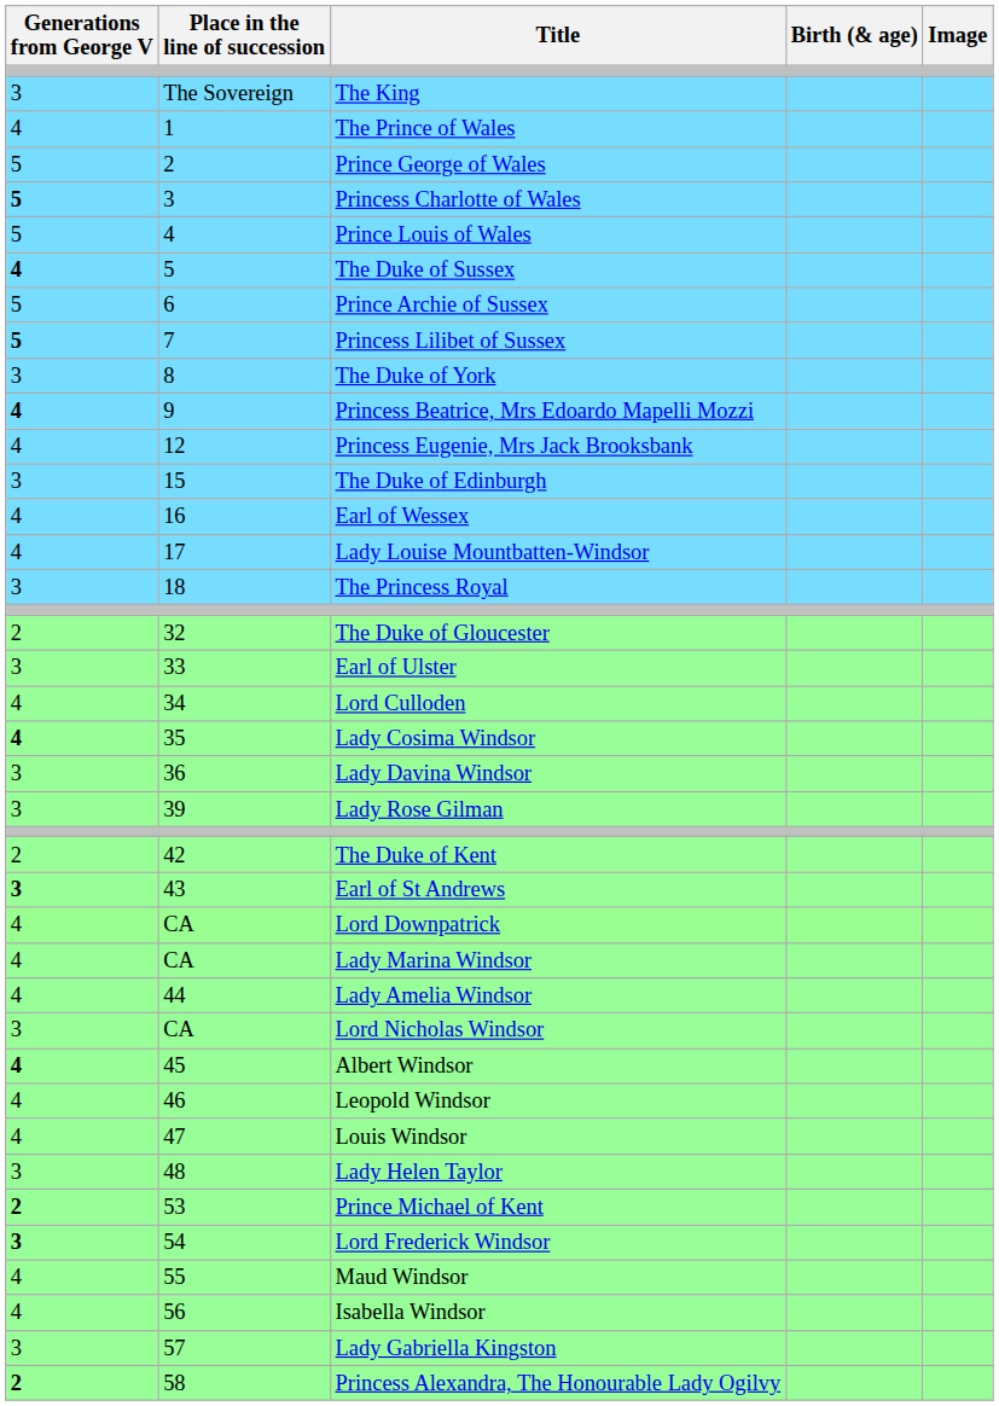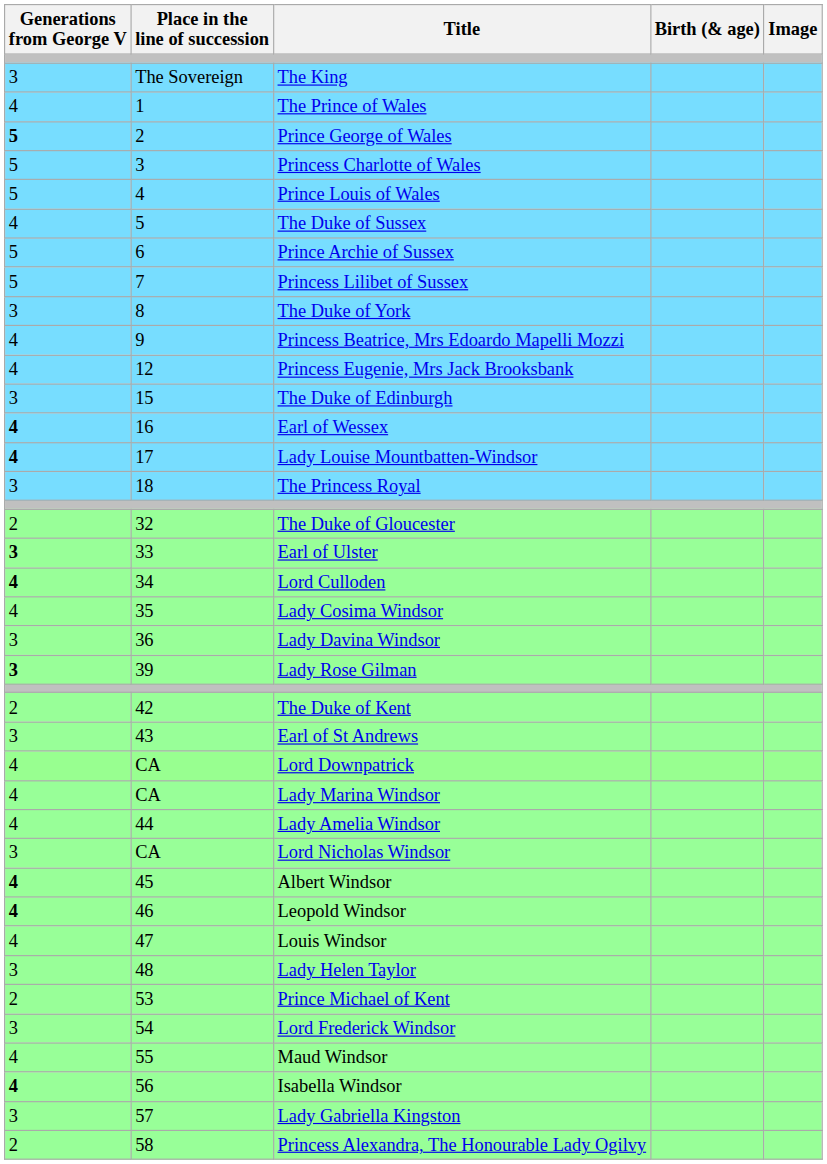 <table class="wikitable sortable">
 <tr>
 <th>Generations<br>from George V</th>
 <th>Place in the<br>line of succession</th>
 <th>Title</th>
 <th>Birth (& age)</th>
 <th class="unsortable">Image</th>
 </tr>
 <tr>
 <td colspan=5 style="background:silver"></td>
 </tr>
 <tr bgcolor="#77DDFF">
 <td>3</td>
 <td>The Sovereign</td>
 <td><a href='#'>The King</a></td>
 <td></td>
 <td></td>
 </tr>
 <tr bgcolor=#77DDFF>
 <td>4</td>
 <td>1</td>
 <td><a href='#'>The Prince of Wales</a></td>
 <td></td>
 <td></td>
 </tr>
 <tr bgcolor=#77DDFF>
-<td>5</td>
+<td><strong>5</strong></td>
 <td>2</td>
 <td><a href='#'>Prince George of Wales</a></td>
 <td></td>
 <td></td>
 </tr>
 <tr bgcolor=#77DDFF>
-<td><strong>5</strong></td>
+<td>5</td>
 <td>3</td>
 <td><a href='#'>Princess Charlotte of Wales</a></td>
 <td></td>
 <td></td>
 </tr>
 <tr bgcolor=#77DDFF>
 <td>5</td>
 <td>4</td>
 <td><a href='#'>Prince Louis of Wales</a></td>
 <td></td>
 <td></td>
 </tr>
 <tr bgcolor=#77DDFF>
-<td><strong>4</strong></td>
+<td>4</td>
 <td>5</td>
 <td><a href='#'>The Duke of Sussex</a></td>
 <td></td>
 <td></td>
 </tr>
 <tr bgcolor=#77DDFF>
 <td>5</td>
 <td>6</td>
 <td><a href='#'>Prince Archie of Sussex</a></td>
 <td></td>
 <td></td>
 </tr>
 <tr bgcolor=#77DDFF>
-<td><strong>5</strong></td>
+<td>5</td>
 <td>7</td>
 <td><a href='#'>Princess Lilibet of Sussex</a></td>
 <td></td>
 <td></td>
 </tr>
 <tr bgcolor=#77DDFF>
 <td>3</td>
 <td>8</td>
 <td><a href='#'>The Duke of York</a></td>
 <td></td>
 <td></td>
 </tr>
 <tr bgcolor=#77DDFF>
-<td><strong>4</strong></td>
+<td>4</td>
 <td>9</td>
 <td><a href='#'>Princess Beatrice, Mrs Edoardo Mapelli Mozzi</a></td>
 <td></td>
 <td></td>
 </tr>
 <tr bgcolor=#77DDFF>
 <td>4</td>
 <td>12</td>
 <td><a href='#'>Princess Eugenie, Mrs Jack Brooksbank</a></td>
 <td></td>
 <td></td>
 </tr>
 <tr bgcolor=#77DDFF>
 <td>3</td>
 <td>15</td>
 <td><a href='#'>The Duke of Edinburgh</a></td>
 <td></td>
 <td></td>
 </tr>
 <tr bgcolor=#77DDFF>
-<td>4</td>
+<td><strong>4</strong></td>
 <td>16</td>
 <td><a href='#'>Earl of Wessex</a></td>
 <td></td>
 <td></td>
 </tr>
 <tr bgcolor=#77DDFF>
-<td>4</td>
+<td><strong>4</strong></td>
 <td>17</td>
 <td><a href='#'>Lady Louise Mountbatten-Windsor</a></td>
 <td></td>
 <td></td>
 </tr>
 <tr bgcolor=#77DDFF>
 <td>3</td>
 <td>18</td>
 <td><a href='#'>The Princess Royal</a></td>
 <td></td>
 <td></td>
 </tr>
 <tr>
 <td colspan=5 style="background:silver"></td>
 </tr>
 <tr bgcolor=#98FF98>
 <td>2</td>
 <td>32</td>
 <td><a href='#'>The Duke of Gloucester</a></td>
 <td></td>
 <td></td>
 </tr>
 <tr bgcolor=#98FF98>
-<td>3</td>
+<td><strong>3</strong></td>
 <td>33</td>
 <td><a href='#'>Earl of Ulster</a></td>
 <td></td>
 <td></td>
 </tr>
 <tr bgcolor=#98FF98>
-<td>4</td>
+<td><strong>4</strong></td>
 <td>34</td>
 <td><a href='#'>Lord Culloden</a></td>
 <td></td>
 <td></td>
 </tr>
 <tr bgcolor=#98FF98>
-<td><strong>4</strong></td>
+<td>4</td>
 <td>35</td>
 <td><a href='#'>Lady Cosima Windsor</a></td>
 <td></td>
 <td></td>
 </tr>
 <tr bgcolor=#98FF98>
 <td>3</td>
 <td>36</td>
 <td><a href='#'>Lady Davina Windsor</a></td>
 <td></td>
 <td></td>
 </tr>
 <tr bgcolor=#98FF98>
-<td>3</td>
+<td><strong>3</strong></td>
 <td>39</td>
 <td><a href='#'>Lady Rose Gilman</a></td>
 <td></td>
 <td></td>
 </tr>
 <tr>
 <td colspan=5 style="background:silver"></td>
 </tr>
 <tr bgcolor=#98FF98>
 <td>2</td>
 <td>42</td>
 <td><a href='#'>The Duke of Kent</a></td>
 <td></td>
 <td></td>
 </tr>
 <tr bgcolor=#98FF98>
-<td><strong>3</strong></td>
+<td>3</td>
 <td>43</td>
 <td><a href='#'>Earl of St Andrews</a></td>
 <td></td>
 <td></td>
 </tr>
 <tr bgcolor=#98FF9>
 <td>4</td>
 <td>CA</td>
 <td><a href='#'>Lord Downpatrick</a></td>
 <td></td>
 <td></td>
 </tr>
 <tr bgcolor=#98FF98>
 <td>4</td>
 <td>CA</td>
 <td><a href='#'>Lady Marina Windsor</a></td>
 <td></td>
 <td></td>
 </tr>
 <tr bgcolor=#98FF98>
 <td>4</td>
 <td>44</td>
 <td><a href='#'>Lady Amelia Windsor</a></td>
 <td></td>
 <td></td>
 </tr>
 <tr bgcolor=#98FF98>
 <td>3</td>
 <td>CA</td>
 <td><a href='#'>Lord Nicholas Windsor</a></td>
 <td></td>
 <td></td>
 </tr>
 <tr bgcolor=#98FF98>
 <td><strong>4</strong></td>
 <td>45</td>
 <td>Albert Windsor</td>
 <td></td>
 <td></td>
 </tr>
 <tr bgcolor=#98FF98>
-<td>4</td>
+<td><strong>4</strong></td>
 <td>46</td>
 <td>Leopold Windsor</td>
 <td></td>
 <td></td>
 </tr>
 <tr bgcolor=#98FF98>
 <td>4</td>
 <td>47</td>
 <td>Louis Windsor</td>
 <td></td>
 <td></td>
 </tr>
 <tr bgcolor=#98FF98>
 <td>3</td>
 <td>48</td>
 <td><a href='#'>Lady Helen Taylor</a></td>
 <td></td>
 <td></td>
 </tr>
 <tr bgcolor=#98FF98>
-<td><strong>2</strong></td>
+<td>2</td>
 <td>53</td>
 <td><a href='#'>Prince Michael of Kent</a></td>
 <td></td>
 <td></td>
 </tr>
 <tr bgcolor=#98FF98>
-<td><strong>3</strong></td>
+<td>3</td>
 <td>54</td>
 <td><a href='#'>Lord Frederick Windsor</a></td>
 <td></td>
 <td></td>
 </tr>
 <tr bgcolor=#98FF98>
 <td>4</td>
 <td>55</td>
 <td>Maud Windsor</td>
 <td></td>
 <td></td>
 </tr>
 <tr bgcolor=#98FF98>
-<td>4</td>
+<td><strong>4</strong></td>
 <td>56</td>
 <td>Isabella Windsor</td>
 <td></td>
 <td></td>
 </tr>
 <tr bgcolor=#98FF98>
 <td>3</td>
 <td>57</td>
 <td><a href='#'>Lady Gabriella Kingston</a></td>
 <td></td>
 <td></td>
 </tr>
 <tr bgcolor=#98FF98>
-<td><strong>2</strong></td>
+<td>2</td>
 <td>58</td>
 <td><a href='#'>Princess Alexandra, The Honourable Lady Ogilvy</a></td>
 <td></td>
 <td></td>
 </tr>
 </table>
